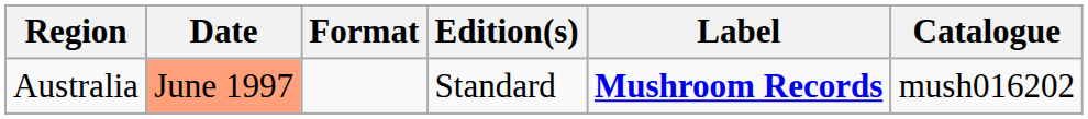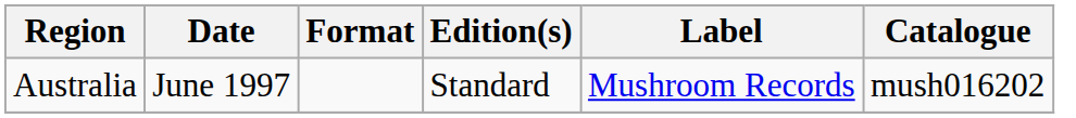 <table class="wikitable plainrowheaders">
 <tr>
 <th scope="col">Region</th>
 <th scope="col">Date</th>
 <th scope="col">Format</th>
 <th scope="col">Edition(s)</th>
 <th scope="col">Label</th>
 <th scope="col">Catalogue</th>
 </tr>
 <tr>
 <td>Australia</td>
-<td style="background: lightsalmon;">June 1997</td>
+<td>June 1997</td>
 <td></td>
 <td>Standard</td>
-<td><strong><a href='#'>Mushroom Records</a></strong></td>
+<td><a href='#'>Mushroom Records</a></td>
 <td>mush016202</td>
 </tr>
 <tr>
 </tr>
 </table>
